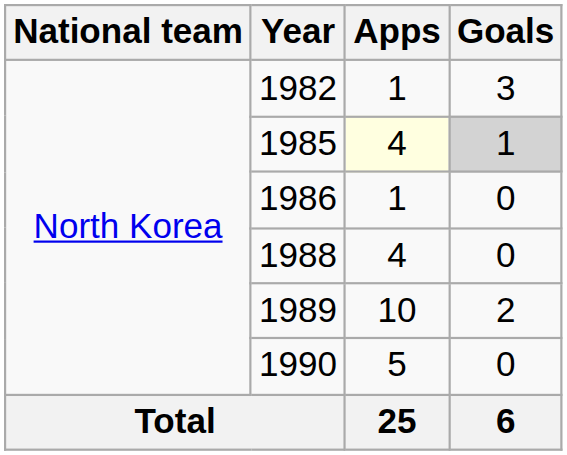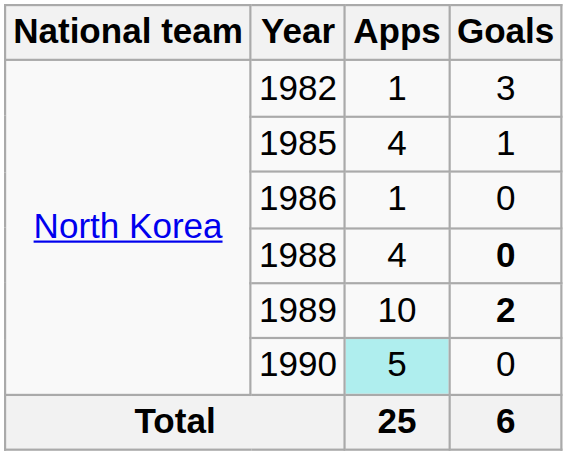 <table class="wikitable" style="text-align:center">
 <tr>
 <th>National team</th>
 <th>Year</th>
 <th>Apps</th>
 <th>Goals</th>
 </tr>
 <tr>
 <td rowspan="6"><a href='#'>North Korea</a></td>
 <td>1982</td>
 <td>1</td>
 <td>3</td>
 </tr>
 <tr>
 <td>1985</td>
-<td style="background: lightyellow;">4</td>
-<td style="background: lightgrey;">1</td>
+<td>4</td>
+<td>1</td>
 </tr>
 <tr>
 <td>1986</td>
 <td>1</td>
 <td>0</td>
 </tr>
 <tr>
 <td>1988</td>
 <td>4</td>
-<td>0</td>
+<td><strong>0</strong></td>
 </tr>
 <tr>
 <td>1989</td>
 <td>10</td>
-<td>2</td>
+<td><strong>2</strong></td>
 </tr>
 <tr>
 <td>1990</td>
-<td>5</td>
+<td style="background: paleturquoise;">5</td>
 <td>0</td>
 </tr>
 <tr>
 <th colspan=2>Total</th>
 <th>25</th>
 <th>6</th>
 </tr>
 </table>
